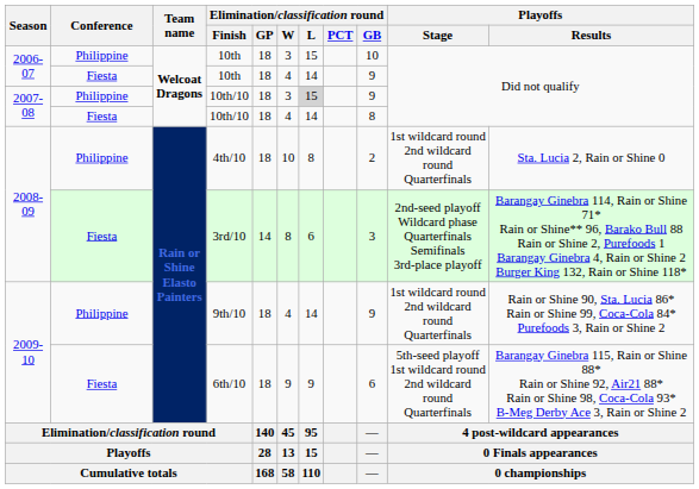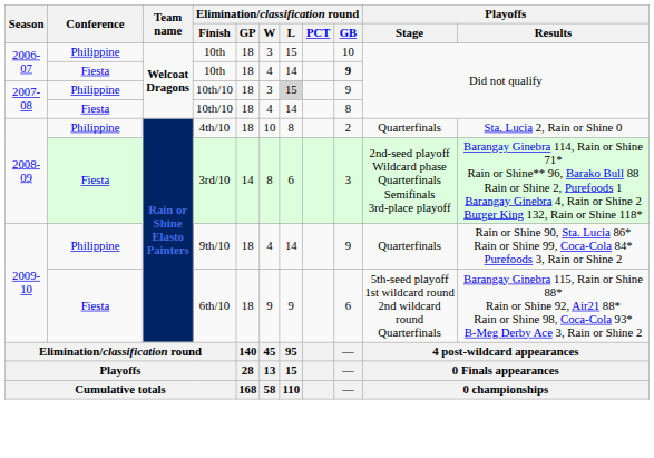 <table class=wikitable style="text-align:center;">
 <tr>
 <th width=50px rowspan=2>Season</th>
 <th width=120px rowspan=2>Conference</th>
 <th width=60px rowspan=2>Team name</th>
 <th colspan=6>Elimination/<em>classification</em> round</th>
 <th colspan=2>Playoffs</th>
 </tr>
 <tr>
 <th width=50px>Finish</th>
 <th width=20px>GP</th>
 <th width=20px>W</th>
 <th width=20px>L</th>
 <th width=35px><a href='#'>PCT</a></th>
 <th width=30px><a href='#'>GB</a></th>
 <th width=120px>Stage</th>
 <th width=250px>Results</th>
 </tr>
 <tr>
 <td rowspan=2><a href='#'>2006-07</a></td>
 <td><a href='#'>Philippine</a></td>
 <td rowspan=4><strong>Welcoat Dragons</strong></td>
 <td>10th</td>
 <td>18</td>
 <td>3</td>
 <td>15</td>
 <td></td>
 <td>10</td>
 <td colspan=2 rowspan=4>Did not qualify</td>
 </tr>
 <tr>
 <td><a href='#'>Fiesta</a></td>
 <td>10th</td>
 <td>18</td>
 <td>4</td>
 <td>14</td>
 <td></td>
-<td>9</td>
+<td><strong>9</strong></td>
 </tr>
 <tr>
 <td rowspan=2><a href='#'>2007-08</a></td>
 <td><a href='#'>Philippine</a></td>
 <td>10th/10</td>
 <td>18</td>
 <td>3</td>
 <td style="background: lightgrey;">15</td>
 <td></td>
 <td>9</td>
 </tr>
 <tr>
 <td><a href='#'>Fiesta</a></td>
 <td>10th/10</td>
 <td>18</td>
 <td>4</td>
 <td>14</td>
 <td></td>
 <td>8</td>
 </tr>
 <tr>
 <td rowspan=2><a href='#'>2008-09</a></td>
 <td><a href='#'>Philippine</a></td>
 <td rowspan=4 style="background:#002366; color:#4169E1; "><span><strong>Rain or Shine Elasto Painters</strong></span></td>
 <td>4th/10</td>
 <td>18</td>
 <td>10</td>
 <td>8</td>
 <td></td>
 <td>2</td>
-<td>1st wildcard round<br>2nd wildcard round<br>Quarterfinals</td>
+<td>Quarterfinals</td>
 <td><a href='#'>Sta. Lucia</a> 2, Rain or Shine 0</td>
 </tr>
 <tr bgcolor=#DDFFDD>
 <td><a href='#'>Fiesta</a></td>
 <td>3rd/10</td>
 <td>14</td>
 <td>8</td>
 <td>6</td>
 <td></td>
 <td>3</td>
 <td>2nd-seed playoff<br>Wildcard phase<br>Quarterfinals<br>Semifinals<br>3rd-place playoff</td>
 <td><a href='#'>Barangay Ginebra</a> 114, Rain or Shine 71*<br>Rain or Shine** 96, <a href='#'>Barako Bull</a> 88<br>Rain or Shine 2, <a href='#'>Purefoods</a> 1<br><a href='#'>Barangay Ginebra</a> 4, Rain or Shine 2<br><a href='#'>Burger King</a> 132, Rain or Shine 118*</td>
 </tr>
 <tr>
 <td rowspan=2><a href='#'>2009-10</a></td>
 <td><a href='#'>Philippine</a></td>
 <td>9th/10</td>
 <td>18</td>
 <td>4</td>
 <td>14</td>
 <td></td>
 <td>9</td>
-<td>1st wildcard round<br>2nd wildcard round<br>Quarterfinals</td>
+<td>Quarterfinals</td>
 <td>Rain or Shine 90, <a href='#'>Sta. Lucia</a> 86*<br>Rain or Shine 99, <a href='#'>Coca-Cola</a> 84*<br><a href='#'>Purefoods</a> 3, Rain or Shine 2</td>
 </tr>
 <tr>
 <td><a href='#'>Fiesta</a></td>
 <td>6th/10</td>
 <td>18</td>
 <td>9</td>
 <td>9</td>
 <td></td>
 <td>6</td>
 <td>5th-seed playoff<br>1st wildcard round<br>2nd wildcard round<br>Quarterfinals</td>
 <td><a href='#'>Barangay Ginebra</a> 115, Rain or Shine 88*<br>Rain or Shine 92, <a href='#'>Air21</a> 88*<br>Rain or Shine 98, <a href='#'>Coca-Cola</a> 93*<br><a href='#'>B-Meg Derby Ace</a> 3, Rain or Shine 2</td>
 </tr>
 <tr>
 <th colspan=4>Elimination/<em>classification</em> round</th>
 <th>140</th>
 <th>45</th>
 <th>95</th>
 <th></th>
 <th>—</th>
 <th colspan=2>4 post-wildcard appearances</th>
 </tr>
 <tr>
 <th colspan=4>Playoffs</th>
 <th>28</th>
 <th>13</th>
 <th>15</th>
 <th></th>
 <th>—</th>
 <th colspan=2>0 Finals appearances</th>
 </tr>
 <tr>
 <th colspan=4>Cumulative totals</th>
 <th>168</th>
 <th>58</th>
 <th>110</th>
 <th></th>
 <th>—</th>
 <th colspan=2>0 championships</th>
 </tr>
 </table>
